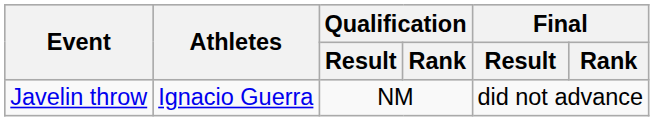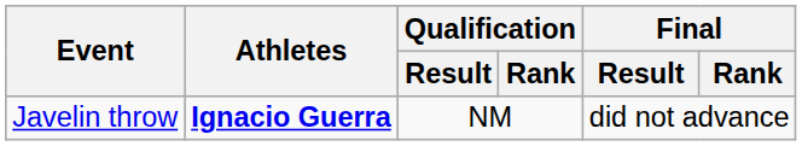 <table class="wikitable" border="1" style="font-size:90%">
 <tr>
 <th rowspan="2">Event</th>
 <th rowspan="2">Athletes</th>
 <th colspan="2">Qualification</th>
 <th colspan="2">Final</th>
 </tr>
 <tr>
 <th>Result</th>
 <th>Rank</th>
 <th>Result</th>
 <th>Rank</th>
 </tr>
 <tr>
 <td><a href='#'>Javelin throw</a></td>
-<td><a href='#'>Ignacio Guerra</a></td>
+<td><strong><a href='#'>Ignacio Guerra</a></strong></td>
 <td align=center colspan=2>NM</td>
 <td align=center colspan=2>did not advance</td>
 </tr>
 </table>
